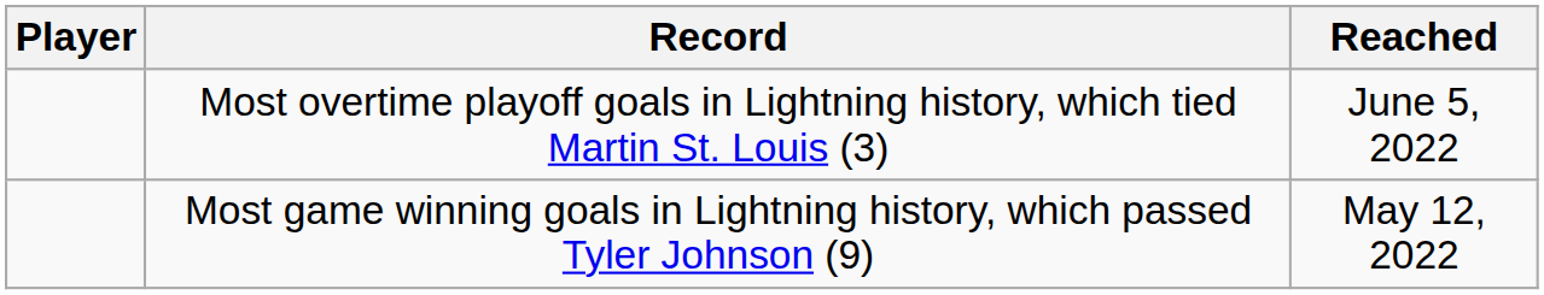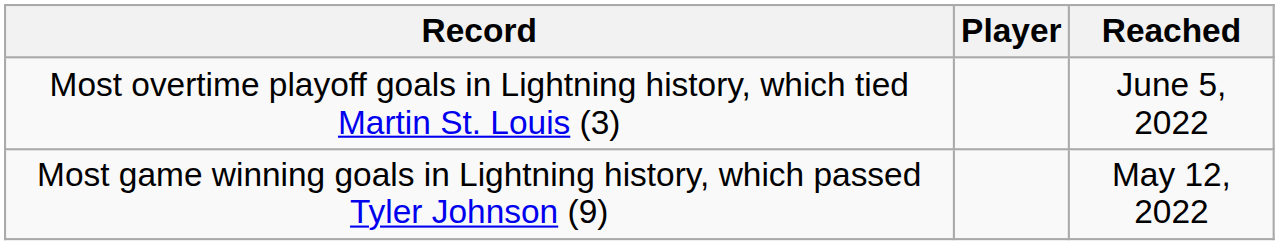 <table class="wikitable sortable" style="text-align:center;">
 <tr>
+<th>Record</th>
 <th>Player</th>
-<th>Record</th>
 <th>Reached</th>
 </tr>
 <tr>
+<td>Most overtime playoff goals in Lightning history, which tied <a href='#'>Martin St. Louis</a> (3)</td>
 <td></td>
-<td>Most overtime playoff goals in Lightning history, which tied <a href='#'>Martin St. Louis</a> (3)</td>
 <td>June 5, 2022</td>
 </tr>
 <tr>
+<td>Most game winning goals in Lightning history, which passed <a href='#'>Tyler Johnson</a> (9)</td>
 <td></td>
-<td>Most game winning goals in Lightning history, which passed <a href='#'>Tyler Johnson</a> (9)</td>
 <td>May 12, 2022</td>
 </tr>
 </table>
